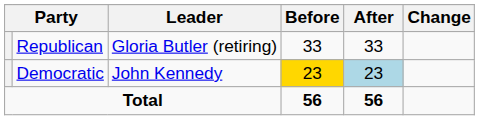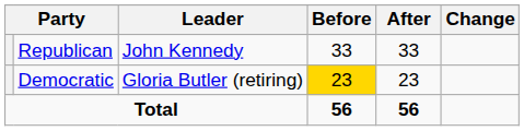 <table class="wikitable" style="text-align:center;">
 <tr>
 </tr>
 <tr>
 <th colspan="2">Party</th>
 <th>Leader</th>
 <th style="width:3em">Before</th>
 <th style="width:3em">After</th>
 <th style="width:3em">Change</th>
 </tr>
 <tr>
 <th style="background-color:"></th>
 <td style="text-align:left;"><a href='#'>Republican</a></td>
-<td style="text-align:left;"><a href='#'>Gloria Butler</a> (retiring)</td>
+<td style="text-align:left;"><a href='#'>John Kennedy</a></td>
 <td>33</td>
 <td>33</td>
 <td></td>
 </tr>
 <tr>
 <th style="background-color:"></th>
 <td style="text-align:left;"><a href='#'>Democratic</a></td>
-<td style="text-align:left;"><a href='#'>John Kennedy</a></td>
+<td style="text-align:left;"><a href='#'>Gloria Butler</a> (retiring)</td>
 <td style="background: gold;">23</td>
-<td style="background: lightblue;">23</td>
+<td>23</td>
 <td></td>
 </tr>
 <tr>
 <td colspan="3"><strong>Total</strong></td>
 <td><strong>56</strong></td>
 <td><strong>56</strong></td>
 <td></td>
 </tr>
 </table>
